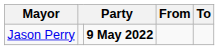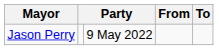 <table class=wikitable>
 <tr>
 <th>Mayor</th>
 <th colspan=2>Party</th>
 <th>From</th>
 <th>To</th>
 </tr>
 <tr>
 <td><a href='#'>Jason Perry</a></td>
 <td></td>
-<td align=right><strong>9 May 2022</strong></td>
+<td align=right>9 May 2022</td>
 <td></td>
 </tr>
 </table>
